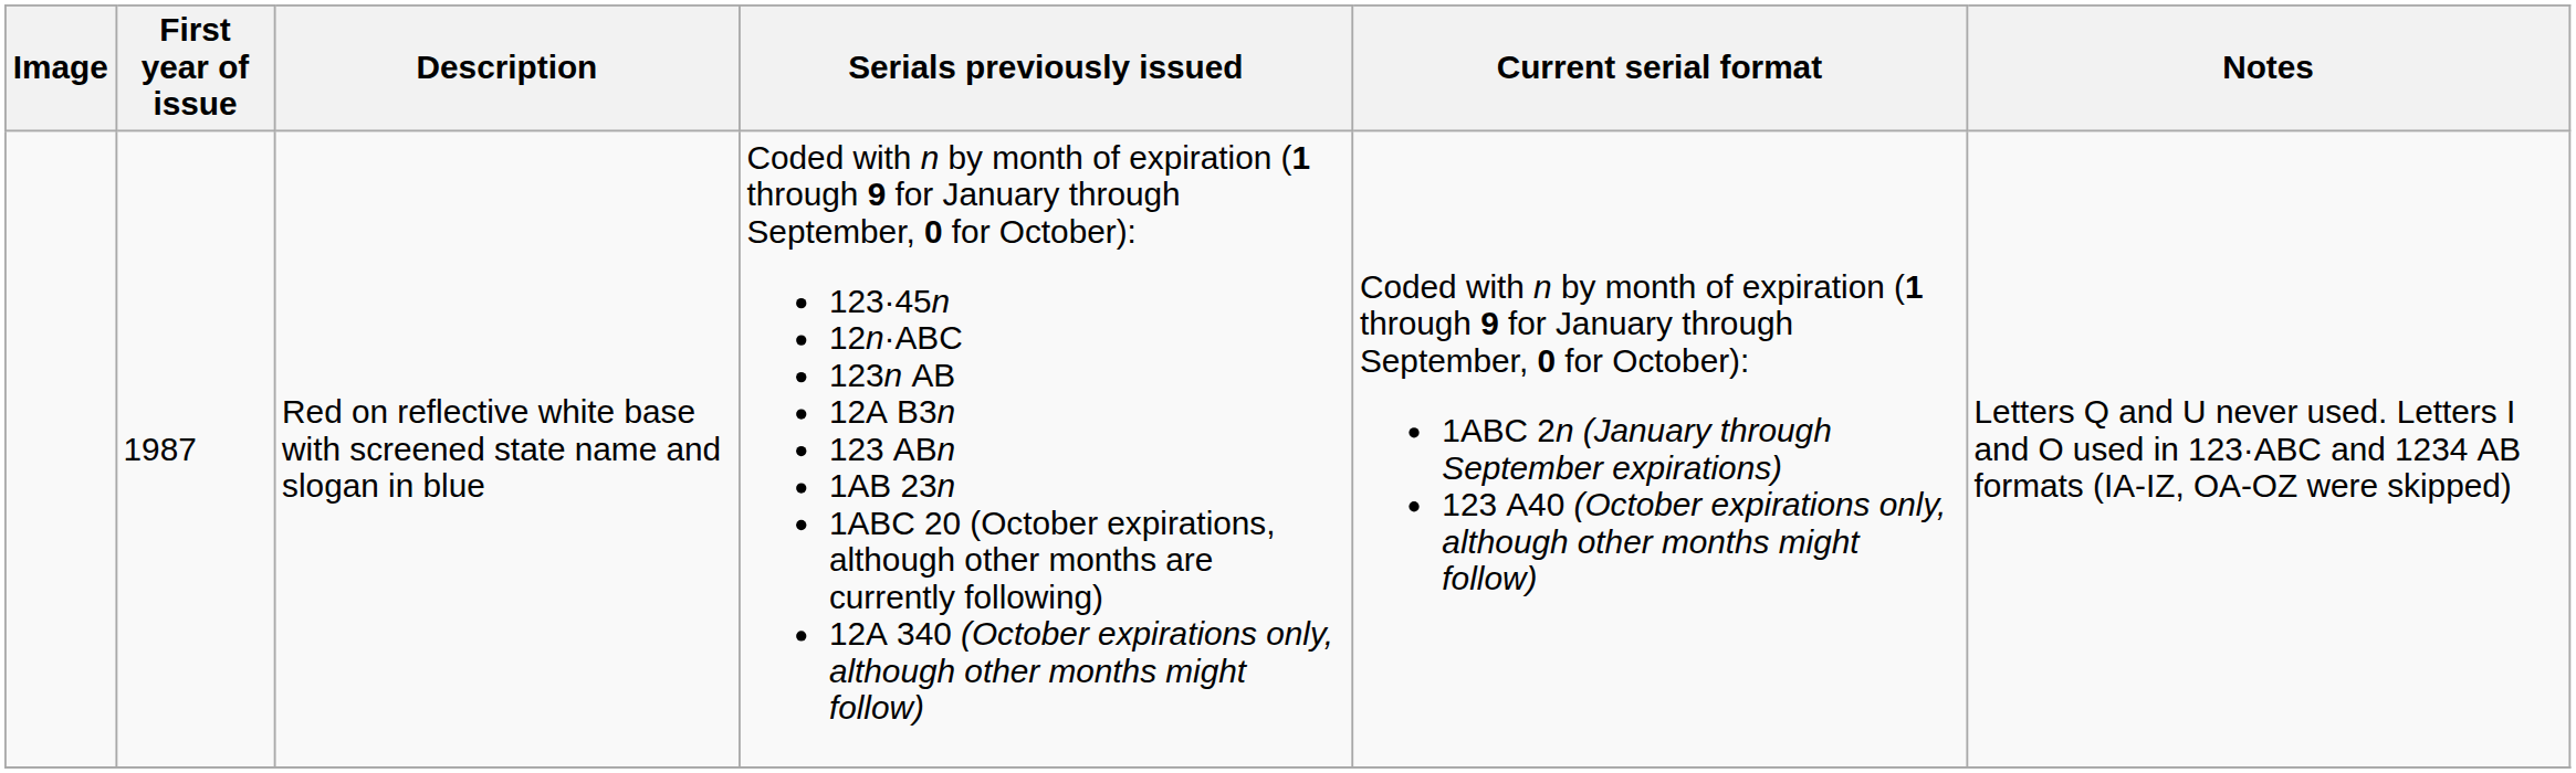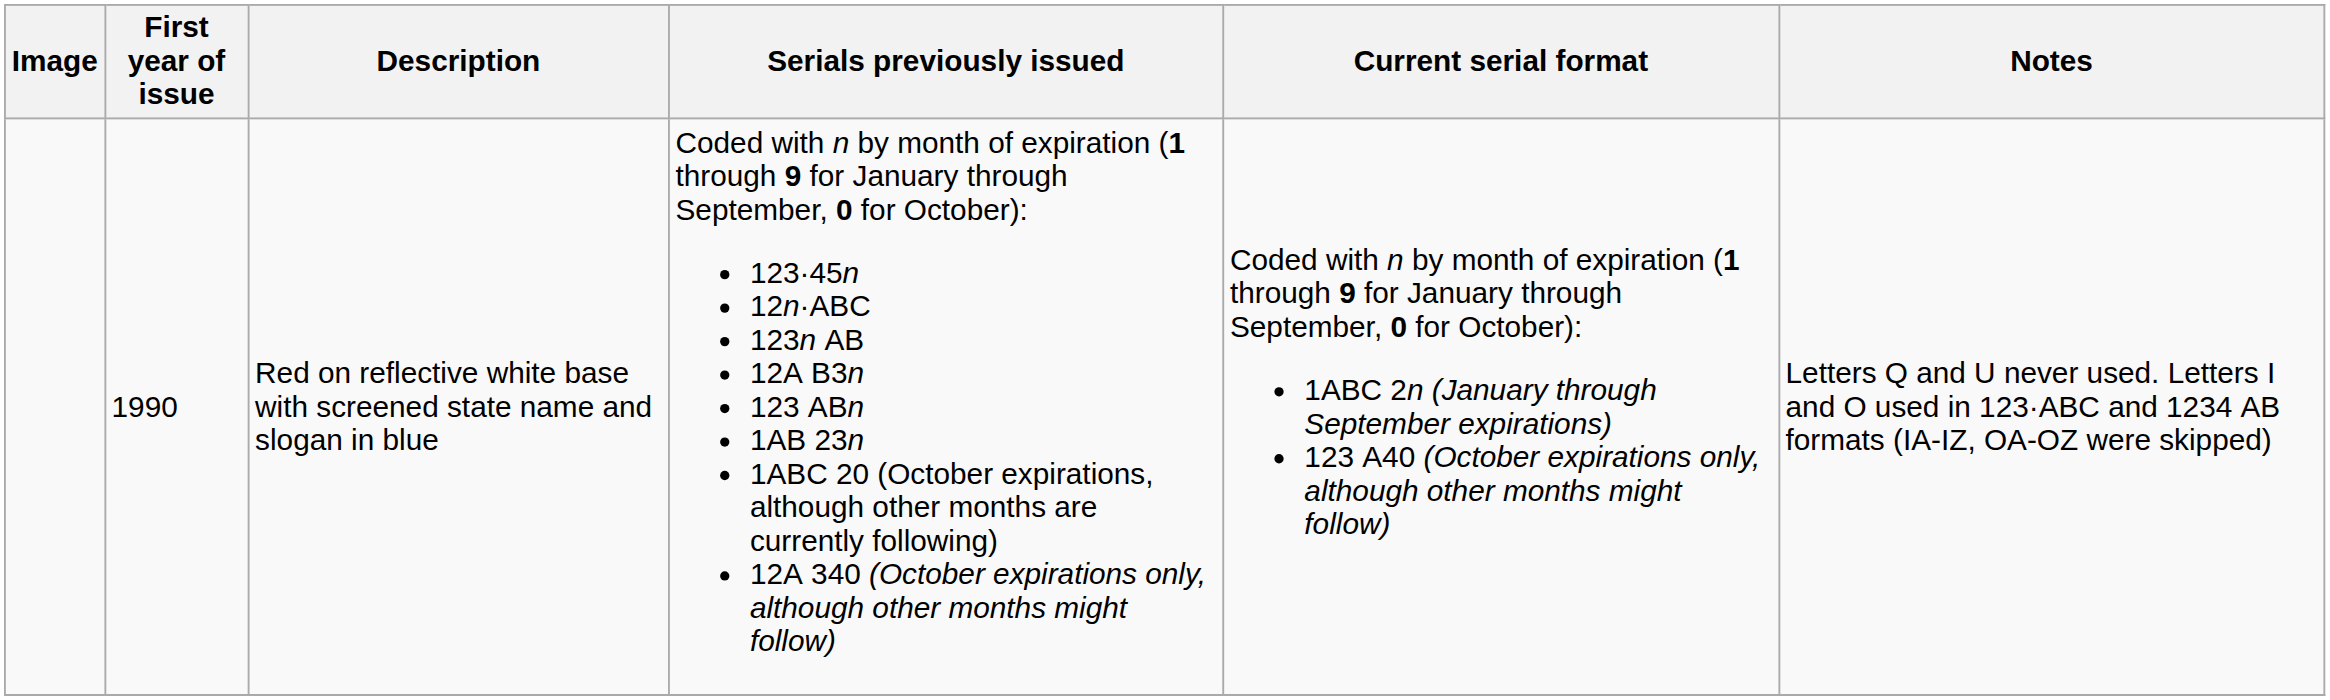 <table class="wikitable">
 <tr>
 <th>Image</th>
 <th>First year of issue</th>
 <th>Description</th>
 <th>Serials previously issued</th>
 <th>Current serial format</th>
 <th>Notes</th>
 </tr>
 <tr>
 <td><br></td>
-<td>1987</td>
+<td>1990</td>
 <td>Red on reflective white base with screened state name and slogan in blue</td>
 <td>Coded with <em>n</em> by month of expiration (<strong>1</strong> through <strong>9</strong> for January through September, <strong>0</strong> for October):<br><ul><li>123·45<em>n</em></li><li>12<em>n</em>·ABC</li><li>123<em>n</em> AB</li><li>12A B3<em>n</em></li><li>123 AB<em>n</em></li><li>1AB 23<em>n</em></li><li>1ABC 20 (October expirations, although other months are currently following)</li><li>12A 340 <em>(October expirations only, although other months might follow)</em></li></ul></td>
 <td>Coded with <em>n</em> by month of expiration (<strong>1</strong> through <strong>9</strong> for January through September, <strong>0</strong> for October):<br><ul><li>1ABC 2<em>n (January through September expirations)</em></li><li>123 A40 <em>(October expirations only, although other months might follow)</em></li></ul></td>
 <td>Letters Q and U never used. Letters I and O used in 123·ABC and 1234 AB formats (IA-IZ, OA-OZ were skipped)</td>
 </tr>
 <tr>
 </tr>
 </table>
